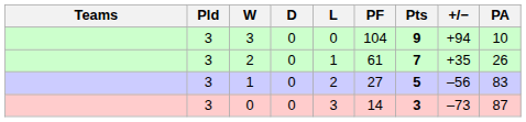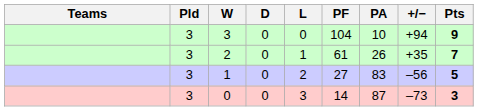 <table class="wikitable" style="text-align: center;">
 <tr>
 <th width="200">Teams</th>
 <th width="40">Pld</th>
 <th width="40">W</th>
 <th width="40">D</th>
 <th width="40">L</th>
 <th width="40">PF</th>
+<th width="40">PA</th>
+<th width="40">+/−</th>
 <th width="40">Pts</th>
-<th width="40">+/−</th>
-<th width="40">PA</th>
 </tr>
 <tr bgcolor=ccffcc>
 <td align=left></td>
 <td>3</td>
 <td>3</td>
 <td>0</td>
 <td>0</td>
 <td>104</td>
+<td>10</td>
+<td>+94</td>
 <td><strong>9</strong></td>
-<td>+94</td>
-<td>10</td>
 </tr>
 <tr bgcolor=ccffcc>
 <td align=left></td>
 <td>3</td>
 <td>2</td>
 <td>0</td>
 <td>1</td>
 <td>61</td>
+<td>26</td>
+<td>+35</td>
 <td><strong>7</strong></td>
-<td>+35</td>
-<td>26</td>
 </tr>
 <tr bgcolor=ccccff>
 <td align=left></td>
 <td>3</td>
 <td>1</td>
 <td>0</td>
 <td>2</td>
 <td>27</td>
+<td>83</td>
+<td>–56</td>
 <td><strong>5</strong></td>
-<td>–56</td>
-<td>83</td>
 </tr>
 <tr bgcolor=ffcccc>
 <td align=left></td>
 <td>3</td>
 <td>0</td>
 <td>0</td>
 <td>3</td>
 <td>14</td>
+<td>87</td>
+<td>–73</td>
 <td><strong>3</strong></td>
-<td>–73</td>
-<td>87</td>
 </tr>
 </table>
